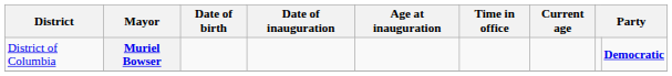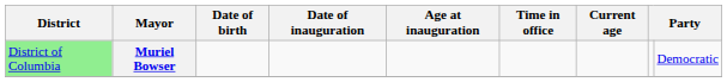 <table class="wikitable sortable plainrowheaders">
 <tr>
 <th scope="col">District</th>
 <th scope="col">Mayor</th>
 <th scope="col">Date of birth</th>
 <th scope="col">Date of inauguration</th>
 <th scope="col">Age at inauguration</th>
 <th scope="col">Time in office</th>
 <th scope="col">Current age</th>
 <th scope="col" colspan="2">Party</th>
 </tr>
 <tr>
-<td><a href='#'>District of Columbia</a></td>
+<td style="background: lightgreen;"><a href='#'>District of Columbia</a></td>
 <th scope="row"><a href='#'>Muriel Bowser</a></th>
 <td></td>
 <td></td>
 <td></td>
 <td></td>
 <td></td>
 <td style="background-color:"></td>
-<td><strong><a href='#'>Democratic</a></strong></td>
+<td><a href='#'>Democratic</a></td>
 </tr>
 <tr>
 </tr>
 </table>
